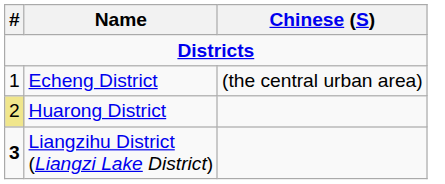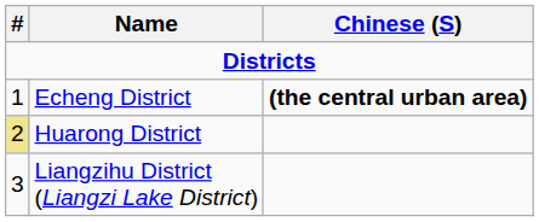 <table class="wikitable sortable">
 <tr>
 <th>#</th>
 <th>Name</th>
 <th><a href='#'>Chinese</a> (<a href='#'>S</a>)</th>
 </tr>
 <tr>
 <td colspan="3" style="text-align:center;"><strong><a href='#'>Districts</a></strong></td>
 </tr>
 <tr>
 <td>1</td>
 <td><a href='#'>Echeng District</a></td>
-<td> (the central urban area)</td>
+<td><strong> (the central urban area)</strong></td>
 </tr>
 <tr>
 <td style="background: khaki;">2</td>
 <td><a href='#'>Huarong District</a></td>
 <td></td>
 </tr>
 <tr>
-<td><strong>3</strong></td>
+<td>3</td>
 <td><a href='#'>Liangzihu District</a><br>(<em><a href='#'>Liangzi Lake</a> District</em>)</td>
 <td></td>
 </tr>
 </table>
